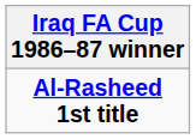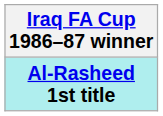 <table class="wikitable" style="text-align: center; margin: 0 auto;">
 <tr>
 <th><a href='#'>Iraq FA Cup</a><br>1986–87 winner</th>
 </tr>
 <tr>
-<td><strong><a href='#'>Al-Rasheed</a></strong><br><strong>1st title</strong></td>
+<td style="background: paleturquoise;"><strong><a href='#'>Al-Rasheed</a></strong><br><strong>1st title</strong></td>
 </tr>
 </table>
